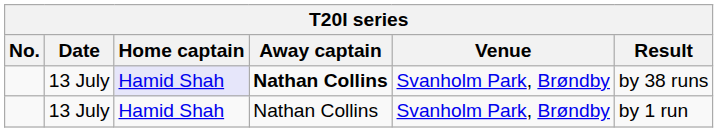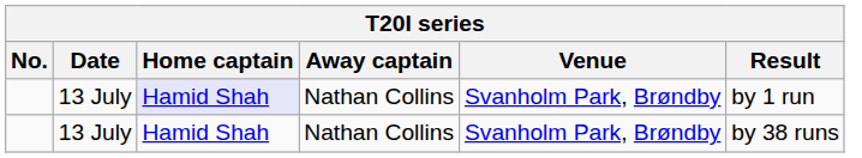 <table class="wikitable">
 <tr>
 <th colspan="8">T20I series</th>
 </tr>
 <tr>
 <th>No.</th>
 <th>Date</th>
 <th>Home captain</th>
 <th>Away captain</th>
 <th>Venue</th>
 <th>Result</th>
 </tr>
 <tr>
 <td></td>
 <td>13 July</td>
 <td style="background: lavender;"><a href='#'>Hamid Shah</a></td>
-<td><strong>Nathan Collins</strong></td>
+<td>Nathan Collins</td>
 <td><a href='#'>Svanholm Park</a>, <a href='#'>Brøndby</a></td>
-<td> by 38 runs</td>
+<td> by 1 run</td>
 </tr>
 <tr>
 <td></td>
 <td>13 July</td>
 <td><a href='#'>Hamid Shah</a></td>
 <td>Nathan Collins</td>
 <td><a href='#'>Svanholm Park</a>, <a href='#'>Brøndby</a></td>
-<td> by 1 run</td>
+<td> by 38 runs</td>
 </tr>
 </table>
